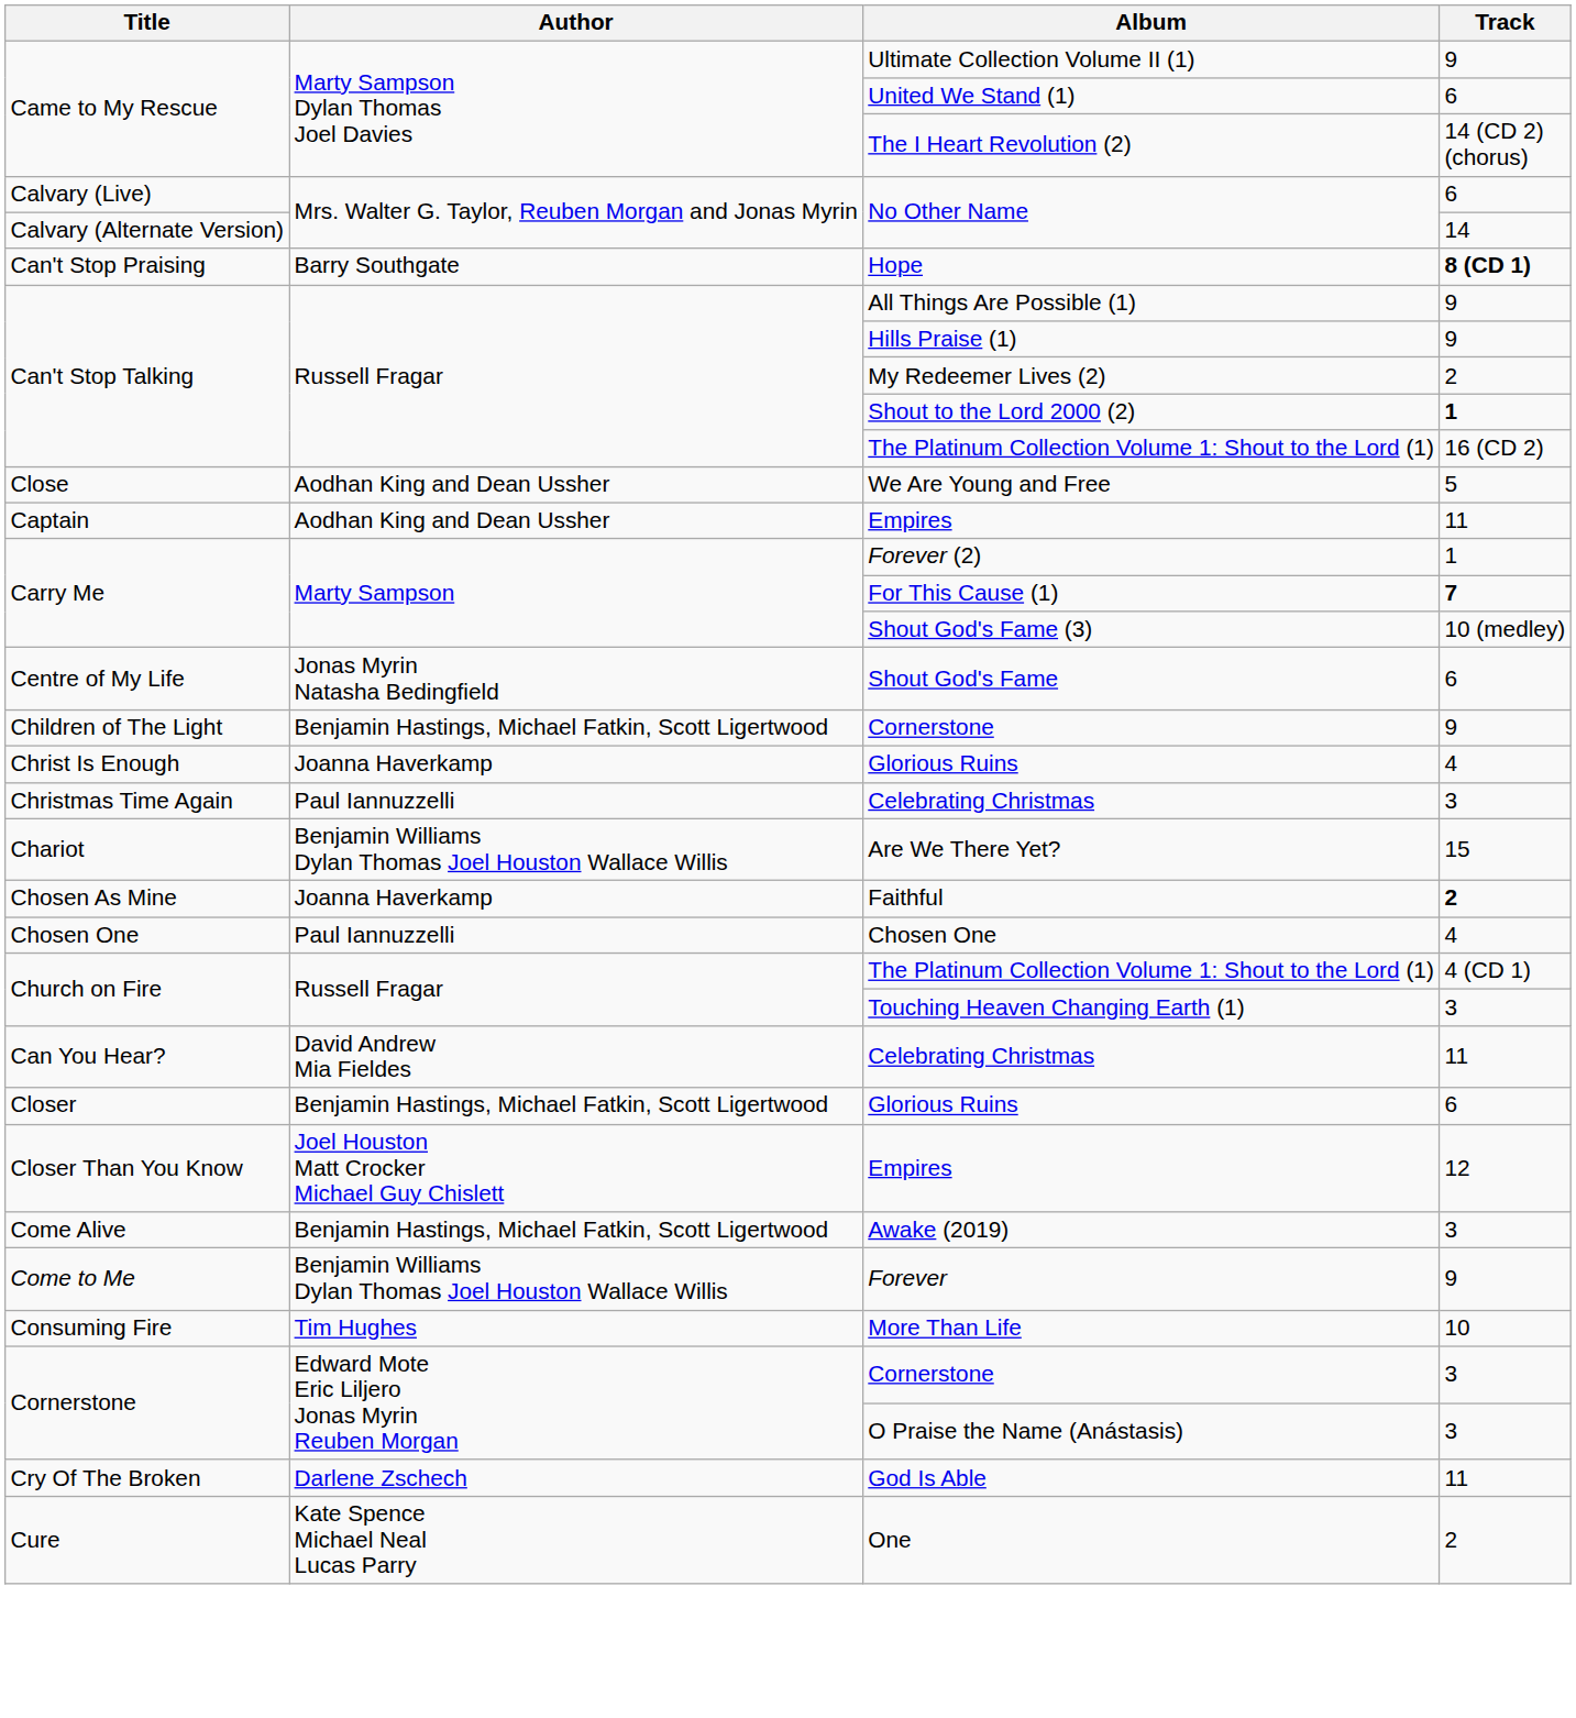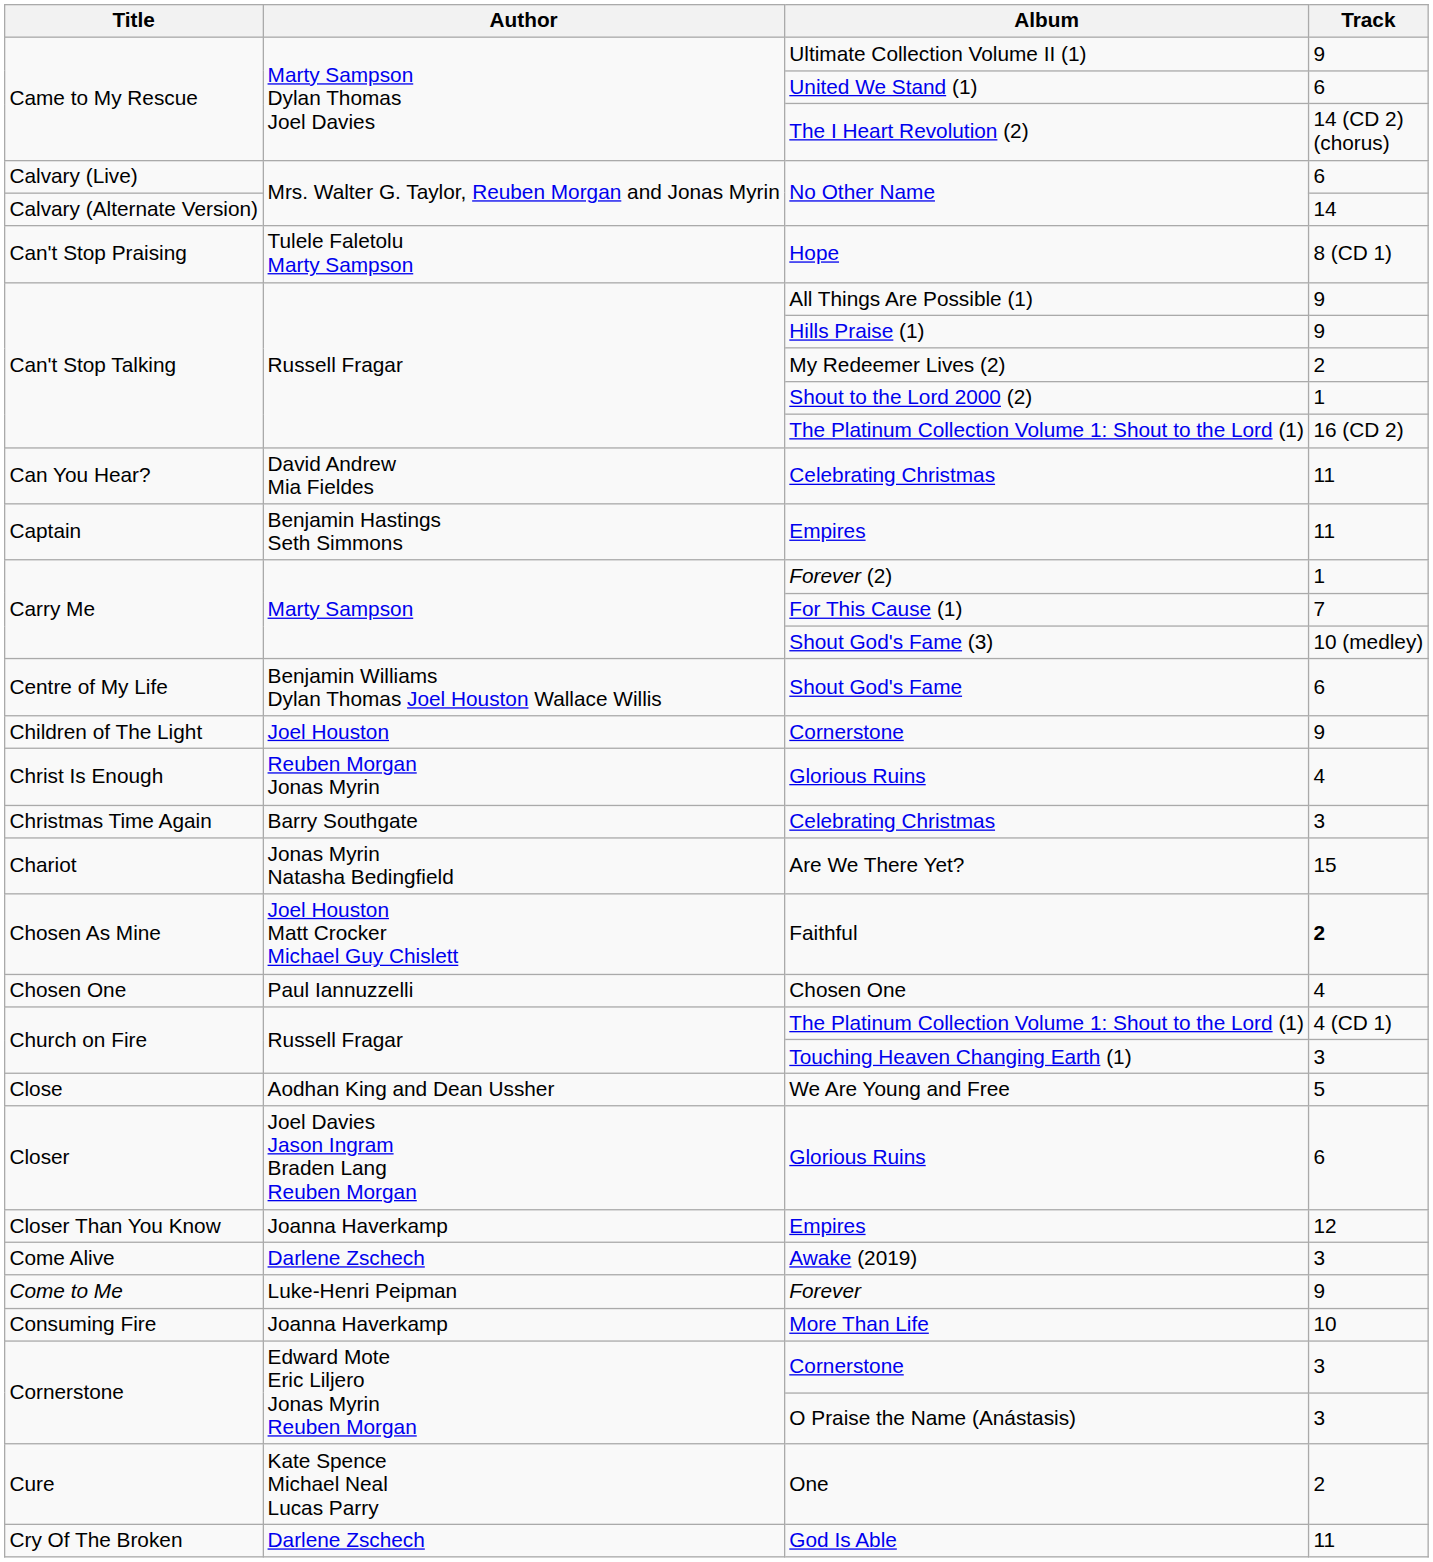 <table class="wikitable">
 <tr>
 <th>Title</th>
 <th>Author</th>
 <th>Album</th>
 <th>Track</th>
 </tr>
 <tr>
 <td rowspan="3">Came to My Rescue</td>
 <td rowspan="3"><a href='#'>Marty Sampson</a> <br> Dylan Thomas <br> Joel Davies</td>
 <td>Ultimate Collection Volume II (1)</td>
 <td>9</td>
 </tr>
 <tr>
 <td><a href='#'>United We Stand</a> (1)</td>
 <td>6</td>
 </tr>
 <tr>
 <td><a href='#'>The I Heart Revolution</a> (2)</td>
 <td>14 (CD 2) <br> (chorus)</td>
 </tr>
 <tr>
 <td>Calvary (Live)</td>
 <td rowspan="2">Mrs. Walter G. Taylor, <a href='#'>Reuben Morgan</a> and Jonas Myrin</td>
 <td rowspan="2"><a href='#'>No Other Name</a></td>
 <td>6</td>
 </tr>
 <tr>
 <td>Calvary (Alternate Version)</td>
 <td>14</td>
 </tr>
 <tr>
 <td>Can't Stop Praising</td>
-<td>Barry Southgate</td>
+<td>Tulele Faletolu <br> <a href='#'>Marty Sampson</a></td>
 <td><a href='#'>Hope</a></td>
-<td><strong>8 (CD 1)</strong></td>
+<td>8 (CD 1)</td>
 </tr>
 <tr>
 <td rowspan="5">Can't Stop Talking</td>
 <td rowspan="5">Russell Fragar</td>
 <td>All Things Are Possible (1)</td>
 <td>9</td>
 </tr>
 <tr>
 <td><a href='#'>Hills Praise</a> (1)</td>
 <td>9</td>
 </tr>
 <tr>
 <td>My Redeemer Lives (2)</td>
 <td>2</td>
 </tr>
 <tr>
 <td><a href='#'>Shout to the Lord 2000</a> (2)</td>
-<td><strong>1</strong></td>
+<td>1</td>
 </tr>
 <tr>
 <td><a href='#'>The Platinum Collection Volume 1: Shout to the Lord</a> (1)</td>
 <td>16 (CD 2)</td>
 </tr>
 <tr>
-<td>Close</td>
-<td>Aodhan King and Dean Ussher</td>
-<td>We Are Young and Free</td>
-<td>5</td>
+<td>Can You Hear?</td>
+<td>David Andrew <br> Mia Fieldes</td>
+<td><a href='#'>Celebrating Christmas</a></td>
+<td>11</td>
 </tr>
 <tr>
 <td>Captain</td>
-<td>Aodhan King and Dean Ussher</td>
+<td>Benjamin Hastings <br> Seth Simmons</td>
 <td><a href='#'>Empires</a></td>
 <td>11</td>
 </tr>
 <tr>
 <td rowspan="3">Carry Me</td>
 <td rowspan="3"><a href='#'>Marty Sampson</a></td>
 <td><em>Forever</em> (2)</td>
 <td>1</td>
 </tr>
 <tr>
 <td><a href='#'>For This Cause</a> (1)</td>
-<td><strong>7</strong></td>
+<td>7</td>
 </tr>
 <tr>
 <td><a href='#'>Shout God's Fame</a> (3)</td>
 <td>10 (medley)</td>
 </tr>
 <tr>
 <td>Centre of My Life</td>
-<td>Jonas Myrin <br> Natasha Bedingfield</td>
+<td>Benjamin Williams<br>Dylan Thomas <a href='#'>Joel Houston</a> Wallace Willis</td>
 <td><a href='#'>Shout God's Fame</a></td>
 <td>6</td>
 </tr>
 <tr>
 <td>Children of The Light</td>
-<td>Benjamin Hastings, Michael Fatkin, Scott Ligertwood</td>
+<td><a href='#'>Joel Houston</a></td>
 <td><a href='#'>Cornerstone</a></td>
 <td>9</td>
 </tr>
 <tr>
 <td>Christ Is Enough</td>
-<td>Joanna Haverkamp</td>
+<td><a href='#'>Reuben Morgan</a> <br> Jonas Myrin</td>
 <td><a href='#'>Glorious Ruins</a></td>
 <td>4</td>
 </tr>
 <tr>
 <td>Christmas Time Again</td>
-<td>Paul Iannuzzelli</td>
+<td>Barry Southgate</td>
 <td><a href='#'>Celebrating Christmas</a></td>
 <td>3</td>
 </tr>
 <tr>
 <td>Chariot</td>
-<td>Benjamin Williams<br>Dylan Thomas <a href='#'>Joel Houston</a> Wallace Willis</td>
+<td>Jonas Myrin <br> Natasha Bedingfield</td>
 <td>Are We There Yet?</td>
 <td>15</td>
 </tr>
 <tr>
 <td>Chosen As Mine</td>
-<td>Joanna Haverkamp</td>
+<td><a href='#'>Joel Houston</a> <br> Matt Crocker <br> <a href='#'>Michael Guy Chislett</a></td>
 <td>Faithful</td>
 <td><strong>2</strong></td>
 </tr>
 <tr>
 <td>Chosen One</td>
 <td>Paul Iannuzzelli</td>
 <td>Chosen One</td>
 <td>4</td>
 </tr>
 <tr>
 <td rowspan="2">Church on Fire</td>
 <td rowspan="2">Russell Fragar</td>
 <td><a href='#'>The Platinum Collection Volume 1: Shout to the Lord</a> (1)</td>
 <td>4 (CD 1)</td>
 </tr>
 <tr>
 <td><a href='#'>Touching Heaven Changing Earth</a> (1)</td>
 <td>3</td>
 </tr>
 <tr>
-<td>Can You Hear?</td>
-<td>David Andrew <br> Mia Fieldes</td>
-<td><a href='#'>Celebrating Christmas</a></td>
-<td>11</td>
+<td>Close</td>
+<td>Aodhan King and Dean Ussher</td>
+<td>We Are Young and Free</td>
+<td>5</td>
 </tr>
 <tr>
 <td>Closer</td>
-<td>Benjamin Hastings, Michael Fatkin, Scott Ligertwood</td>
+<td>Joel Davies <br> <a href='#'>Jason Ingram</a> <br> Braden Lang <br> <a href='#'>Reuben Morgan</a></td>
 <td><a href='#'>Glorious Ruins</a></td>
 <td>6</td>
 </tr>
 <tr>
 <td>Closer Than You Know</td>
-<td><a href='#'>Joel Houston</a> <br> Matt Crocker <br> <a href='#'>Michael Guy Chislett</a></td>
+<td>Joanna Haverkamp</td>
 <td><a href='#'>Empires</a></td>
 <td>12</td>
 </tr>
 <tr>
 <td>Come Alive</td>
-<td>Benjamin Hastings, Michael Fatkin, Scott Ligertwood</td>
+<td><a href='#'>Darlene Zschech</a></td>
 <td><a href='#'>Awake</a> (2019)</td>
 <td>3</td>
 </tr>
 <tr>
 <td><em>Come to Me</em></td>
-<td>Benjamin Williams<br>Dylan Thomas <a href='#'>Joel Houston</a> Wallace Willis</td>
+<td>Luke-Henri Peipman</td>
 <td><em>Forever</em></td>
 <td>9</td>
 </tr>
 <tr>
 <td>Consuming Fire</td>
-<td><a href='#'>Tim Hughes</a></td>
+<td>Joanna Haverkamp</td>
 <td><a href='#'>More Than Life</a></td>
 <td>10</td>
 </tr>
 <tr>
 <td rowspan="2">Cornerstone</td>
 <td rowspan="2">Edward Mote <br> Eric Liljero <br> Jonas Myrin <br> <a href='#'>Reuben Morgan</a></td>
 <td><a href='#'>Cornerstone</a></td>
 <td>3</td>
 </tr>
 <tr>
 <td>O Praise the Name (Anástasis)</td>
 <td>3</td>
 </tr>
 <tr>
+<td>Cure</td>
+<td>Kate Spence <br> Michael Neal <br> Lucas Parry</td>
+<td>One</td>
+<td>2</td>
+</tr>
+<tr>
 <td>Cry Of The Broken</td>
 <td><a href='#'>Darlene Zschech</a></td>
 <td><a href='#'>God Is Able</a></td>
 <td>11</td>
 </tr>
-<tr>
-<td>Cure</td>
-<td>Kate Spence <br> Michael Neal <br> Lucas Parry</td>
-<td>One</td>
-<td>2</td>
-</tr>
 </table>
